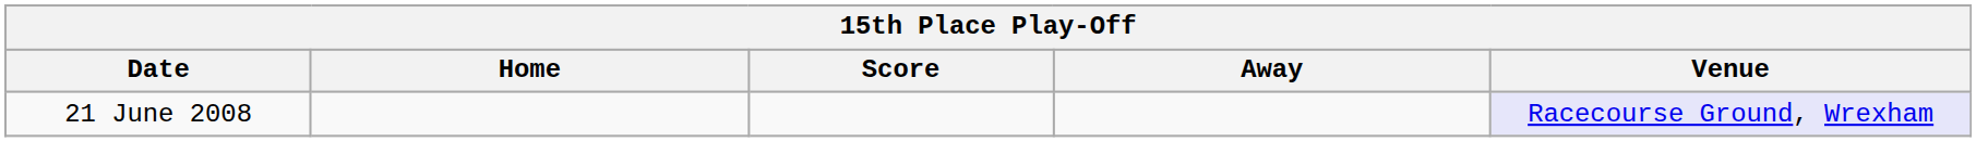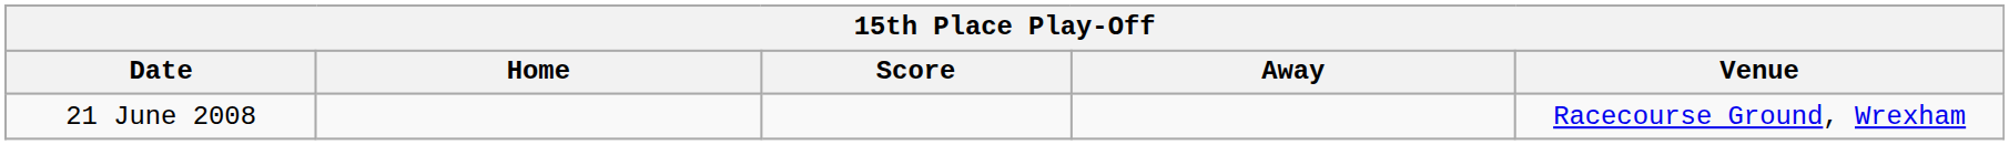 <table class="wikitable" style="font-size:90%; width: 100%; text-align: center;">
 <tr>
 <th colspan=5>15th Place Play-Off</th>
 </tr>
 <tr>
 <th width=7%>Date</th>
 <th width=10%>Home</th>
 <th width=7%>Score</th>
 <th width=10%>Away</th>
 <th width=11%>Venue</th>
 </tr>
 <tr>
 <td>21 June 2008</td>
 <td></td>
 <td></td>
 <td></td>
-<td style="background: lavender;"><a href='#'>Racecourse Ground</a>, <a href='#'>Wrexham</a></td>
+<td><a href='#'>Racecourse Ground</a>, <a href='#'>Wrexham</a></td>
 </tr>
 </table>
